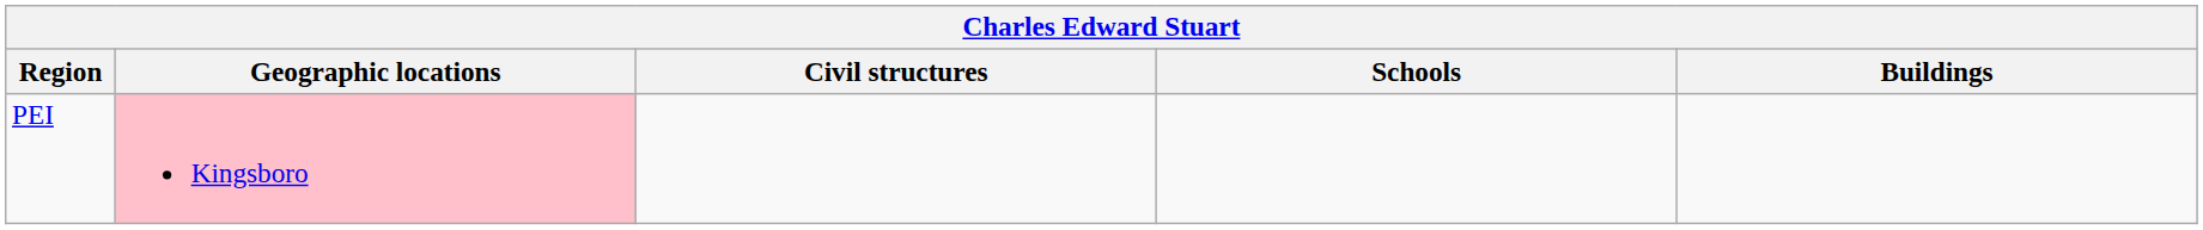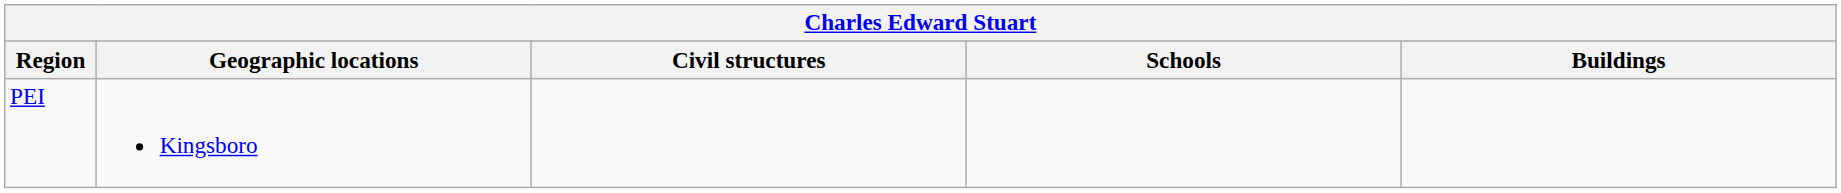 <table class="wikitable" width="100%">
 <tr>
 <th colspan="5"> <a href='#'>Charles Edward Stuart</a></th>
 </tr>
 <tr>
 <th width="5%">Region</th>
 <th width="23.75%">Geographic locations</th>
 <th width="23.75%">Civil structures</th>
 <th width="23.75%">Schools</th>
 <th width="23.75%">Buildings</th>
 </tr>
 <tr>
 <td align=left valign=top> <a href='#'><span>PEI</span></a></td>
-<td align=left valign=top style="background: pink;"><br><ul><li><a href='#'>Kingsboro</a></li></ul></td>
+<td align=left valign=top><br><ul><li><a href='#'>Kingsboro</a></li></ul></td>
 <td></td>
 <td></td>
 <td></td>
 </tr>
 </table>
